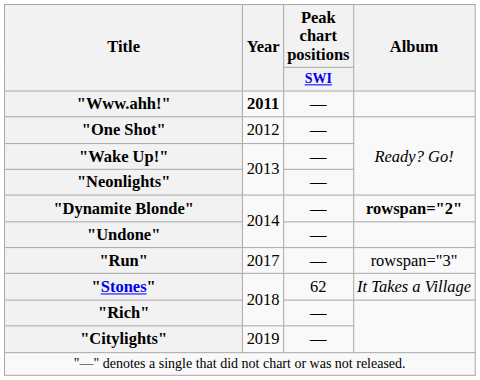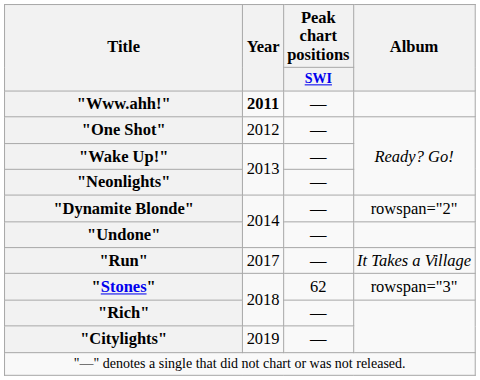 <table class="wikitable plainrowheaders" style="text-align:center;">
 <tr>
 <th scope="col" rowspan="2" style="width:14em;">Title</th>
 <th scope="col" rowspan="2" style="width:1em;">Year</th>
 <th scope="col">Peak chart positions</th>
 <th scope="col" rowspan="2">Album</th>
 </tr>
 <tr>
 <th scope="col" style="width:3em;font-size:85%;"><a href='#'>SWI</a><br></th>
 </tr>
 <tr>
 <th scope="row">"Www.ahh!"</th>
 <td><strong>2011</strong></td>
 <td>—</td>
 <td></td>
 </tr>
 <tr>
 <th scope="row">"One Shot"</th>
 <td>2012</td>
 <td>—</td>
 <td rowspan="3"><em>Ready? Go!</em></td>
 </tr>
 <tr>
 <th scope="row">"Wake Up!"</th>
 <td rowspan="2">2013</td>
 <td>—</td>
 </tr>
 <tr>
 <th scope="row">"Neonlights"</th>
 <td>—</td>
 </tr>
 <tr>
 <th scope="row">"Dynamite Blonde"</th>
 <td rowspan="2">2014</td>
 <td>—</td>
-<td><strong>rowspan="2" </strong></td>
+<td>rowspan="2" </td>
 </tr>
 <tr>
 <th scope="row">"Undone"</th>
 <td>—</td>
 </tr>
 <tr>
 <th scope="row">"Run"</th>
 <td>2017</td>
 <td>—</td>
-<td>rowspan="3" </td>
+<td><em>It Takes a Village</em></td>
 </tr>
 <tr>
 <th scope="row">"<a href='#'>Stones</a>"</th>
 <td rowspan="2">2018</td>
 <td>62</td>
-<td><em>It Takes a Village</em></td>
+<td>rowspan="3" </td>
 </tr>
 <tr>
 <th scope="row">"Rich"</th>
 <td>—</td>
 </tr>
 <tr>
 <th scope="row">"Citylights"</th>
 <td>2019</td>
 <td>—</td>
 </tr>
 <tr>
 <td colspan="22" style="text-align:center; font-size:85%;">"—" denotes a single that did not chart or was not released.</td>
 </tr>
 </table>
